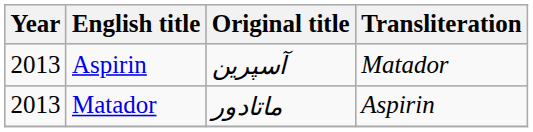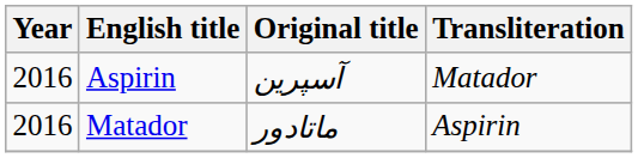 <table class="wikitable" align=center>
 <tr>
 <th>Year</th>
 <th>English title</th>
 <th>Original title</th>
 <th>Transliteration</th>
 </tr>
 <tr>
-<td>2013</td>
+<td>2016</td>
 <td><a href='#'>Aspirin</a></td>
 <td><em>آسپرین</em></td>
 <td><em>Matador</em></td>
 </tr>
 <tr>
-<td>2013</td>
+<td>2016</td>
 <td><a href='#'>Matador</a></td>
 <td><em>ماتادور</em></td>
 <td><em>Aspirin</em></td>
 </tr>
 <tr>
 </tr>
 </table>
